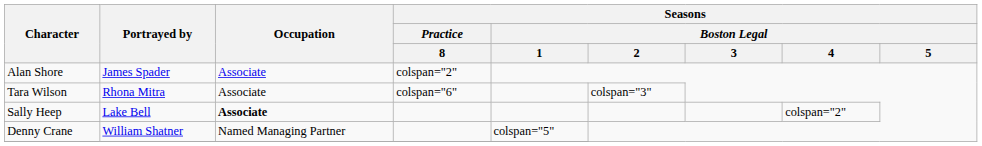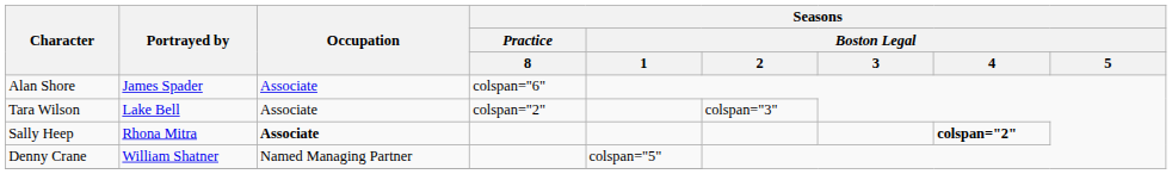 <table class="wikitable sortable" width="100%">
 <tr>
 <th rowspan="3">Character</th>
 <th rowspan="3">Portrayed by</th>
 <th rowspan="3">Occupation</th>
 <th colspan="6">Seasons</th>
 </tr>
 <tr>
 <th><em>Practice</em></th>
 <th colspan="5"><em>Boston Legal</em></th>
 </tr>
 <tr>
 <th width="10%">8</th>
 <th width="10%">1</th>
 <th width="10%">2</th>
 <th width="10%">3</th>
 <th width="10%">4</th>
 <th width="10%">5</th>
 </tr>
 <tr>
 <td>Alan Shore</td>
 <td><a href='#'>James Spader</a></td>
 <td data-sort-value="1"><a href='#'>Associate</a></td>
-<td>colspan="2" </td>
+<td>colspan="6" </td>
 </tr>
 <tr>
 <td>Tara Wilson</td>
-<td><a href='#'>Rhona Mitra</a></td>
+<td><a href='#'>Lake Bell</a></td>
 <td data-sort-value="1">Associate</td>
-<td>colspan="6" </td>
+<td>colspan="2" </td>
 <td></td>
 <td>colspan="3" </td>
 </tr>
 <tr>
 <td>Sally Heep</td>
-<td><a href='#'>Lake Bell</a></td>
+<td><a href='#'>Rhona Mitra</a></td>
 <td data-sort-value="1"><strong>Associate</strong></td>
 <td></td>
 <td></td>
 <td></td>
 <td></td>
-<td>colspan="2" </td>
+<td><strong>colspan="2" </strong></td>
 </tr>
 <tr>
 <td>Denny Crane</td>
 <td><a href='#'>William Shatner</a></td>
 <td data-sort-value="6">Named Managing Partner</td>
 <td></td>
 <td>colspan="5" </td>
 </tr>
 <tr>
 </tr>
 </table>
